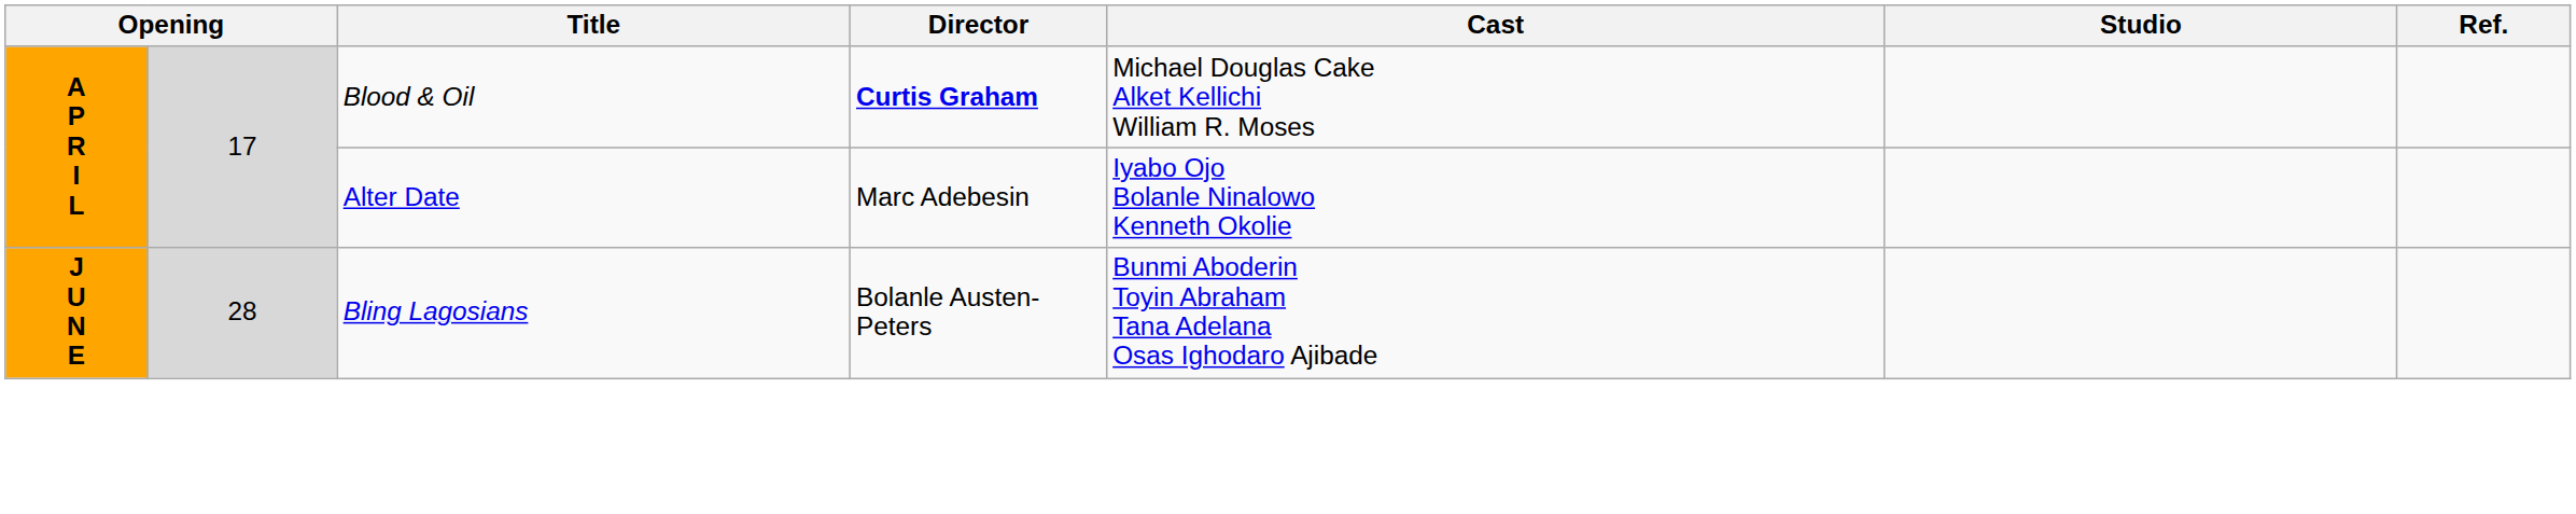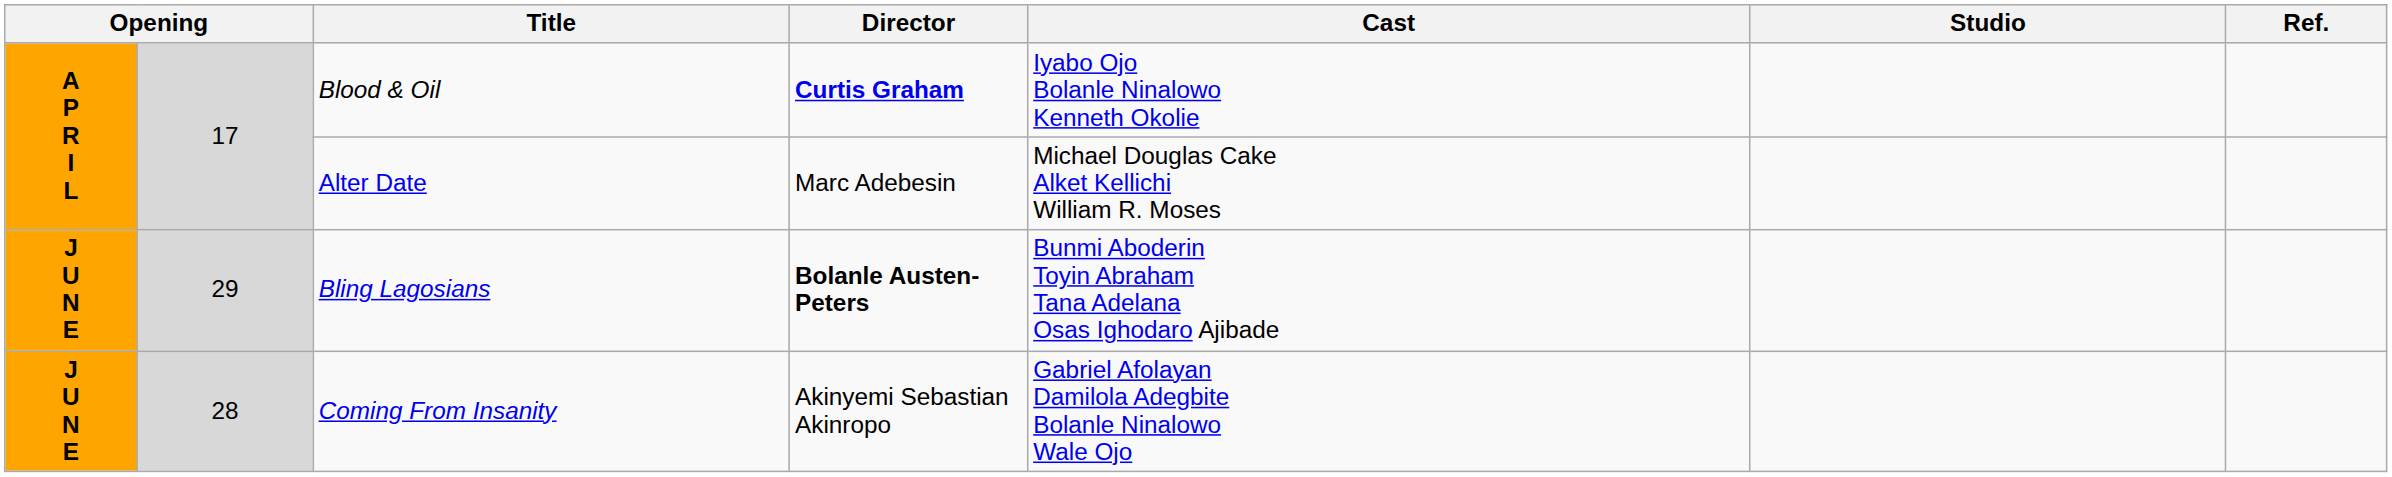 <table class="wikitable">
 <tr>
 <th colspan="2">Opening</th>
 <th style="width:20%;">Title</th>
 <th style="width:10%;">Director</th>
 <th>Cast</th>
 <th style="width:20%">Studio</th>
 <th>Ref.</th>
 </tr>
 <tr>
 <td rowspan="2" style="text-align:center; background:orange; textcolor:#000;"><strong>A<br>P<br>R<br>I<br>L<br></strong></td>
 <td rowspan="2" style="text-align:center; background:#d8d8d8; textcolor:#000;">17</td>
 <td><em>Blood & Oil</em></td>
 <td><strong><a href='#'>Curtis Graham</a></strong></td>
-<td>Michael Douglas Cake<br><a href='#'>Alket Kellichi</a><br>William R. Moses</td>
+<td><a href='#'>Iyabo Ojo</a> <br> <a href='#'>Bolanle Ninalowo</a> <br> <a href='#'>Kenneth Okolie</a></td>
 <td></td>
 <td></td>
 </tr>
 <tr>
 <td><a href='#'>Alter Date</a></td>
 <td>Marc Adebesin</td>
-<td><a href='#'>Iyabo Ojo</a> <br> <a href='#'>Bolanle Ninalowo</a> <br> <a href='#'>Kenneth Okolie</a></td>
+<td>Michael Douglas Cake<br><a href='#'>Alket Kellichi</a><br>William R. Moses</td>
+<td></td>
+<td></td>
+</tr>
+<tr>
+<td rowspan=1 style="text-align:center; background:orange; textcolor:#000;"><strong>J<br>U<br>N<br>E<br></strong></td>
+<td rowspan=1 style="text-align:center; background:#d8d8d8; textcolor:#000;">29</td>
+<td><em><a href='#'>Bling Lagosians</a></em></td>
+<td><strong>Bolanle Austen-Peters</strong></td>
+<td><a href='#'>Bunmi Aboderin</a><br> <a href='#'>Toyin Abraham</a><br><a href='#'>Tana Adelana</a><br><a href='#'>Osas Ighodaro</a> Ajibade</td>
 <td></td>
 <td></td>
 </tr>
 <tr>
 <td rowspan=1 style="text-align:center; background:orange; textcolor:#000;"><strong>J<br>U<br>N<br>E<br></strong></td>
 <td rowspan=1 style="text-align:center; background:#d8d8d8; textcolor:#000;">28</td>
-<td><em><a href='#'>Bling Lagosians</a></em></td>
-<td>Bolanle Austen-Peters</td>
-<td><a href='#'>Bunmi Aboderin</a><br> <a href='#'>Toyin Abraham</a><br><a href='#'>Tana Adelana</a><br><a href='#'>Osas Ighodaro</a> Ajibade</td>
+<td><em><a href='#'>Coming From Insanity</a></em></td>
+<td>Akinyemi Sebastian Akinropo</td>
+<td><a href='#'>Gabriel Afolayan</a><br> <a href='#'>Damilola Adegbite</a><br><a href='#'>Bolanle Ninalowo</a><br><a href='#'>Wale Ojo</a></td>
 <td></td>
 <td></td>
 </tr>
 </table>
